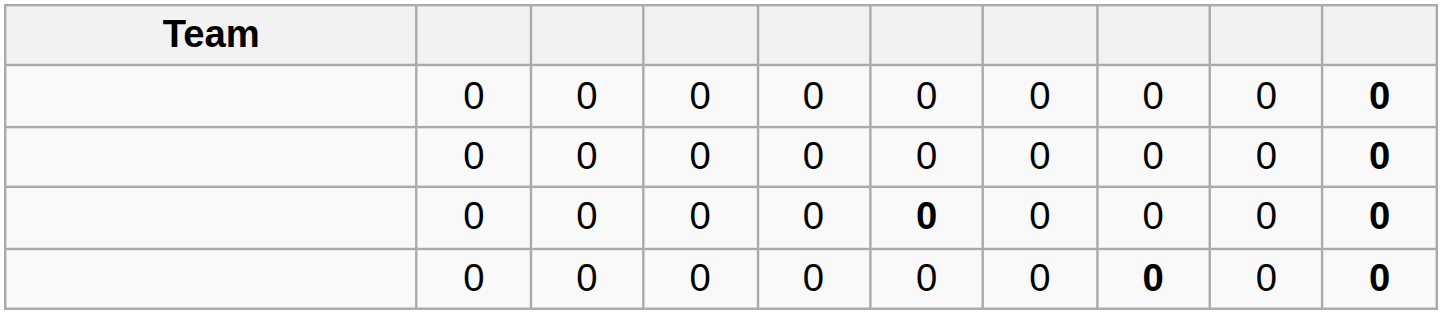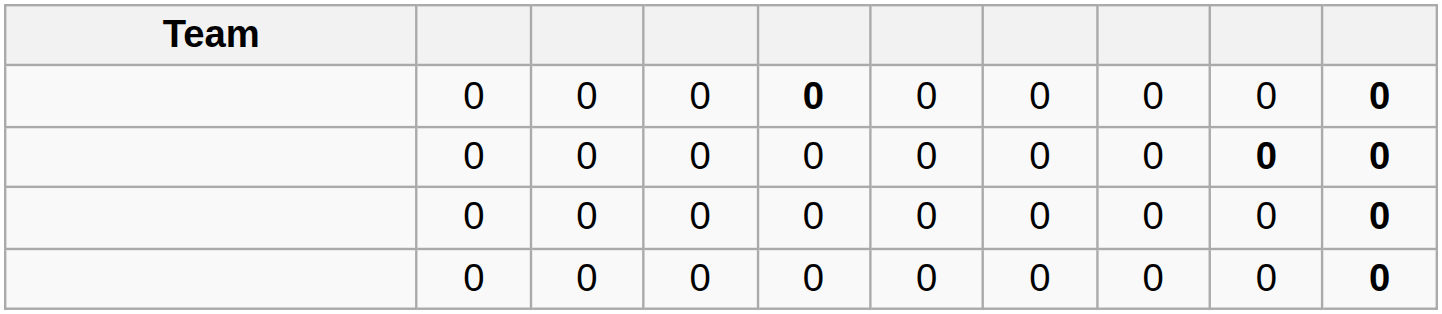 <table class="wikitable" style="text-align:center;">
 <tr>
 <th width=165>Team</th>
 <th width=40></th>
 <th width=40></th>
 <th width=40></th>
 <th width=40></th>
 <th width=40></th>
 <th width=40></th>
 <th width=40></th>
 <th width=40></th>
 <th width=40></th>
 </tr>
 <tr style="background:">
 <td style="text-align:left;"><strong></strong></td>
+<td>0</td>
+<td>0</td>
+<td>0</td>
+<td><strong>0</strong></td>
+<td>0</td>
+<td>0</td>
+<td>0</td>
+<td>0</td>
+<td><strong>0</strong></td>
+</tr>
+<tr style="background:">
+<td style="text-align:left;"></td>
+<td>0</td>
+<td>0</td>
+<td>0</td>
+<td>0</td>
+<td>0</td>
+<td>0</td>
+<td>0</td>
+<td><strong>0</strong></td>
+<td><strong>0</strong></td>
+</tr>
+<tr style="background:">
+<td style="text-align:left;"></td>
 <td>0</td>
 <td>0</td>
 <td>0</td>
 <td>0</td>
 <td>0</td>
 <td>0</td>
 <td>0</td>
 <td>0</td>
 <td><strong>0</strong></td>
 </tr>
 <tr style="background:">
 <td style="text-align:left;"></td>
 <td>0</td>
 <td>0</td>
 <td>0</td>
 <td>0</td>
 <td>0</td>
 <td>0</td>
 <td>0</td>
 <td>0</td>
 <td><strong>0</strong></td>
 </tr>
-<tr style="background:">
-<td style="text-align:left;"></td>
-<td>0</td>
-<td>0</td>
-<td>0</td>
-<td>0</td>
-<td><strong>0</strong></td>
-<td>0</td>
-<td>0</td>
-<td>0</td>
-<td><strong>0</strong></td>
-</tr>
-<tr style="background:">
-<td style="text-align:left;"></td>
-<td>0</td>
-<td>0</td>
-<td>0</td>
-<td>0</td>
-<td>0</td>
-<td>0</td>
-<td><strong>0</strong></td>
-<td>0</td>
-<td><strong>0</strong></td>
-</tr>
 </table>
